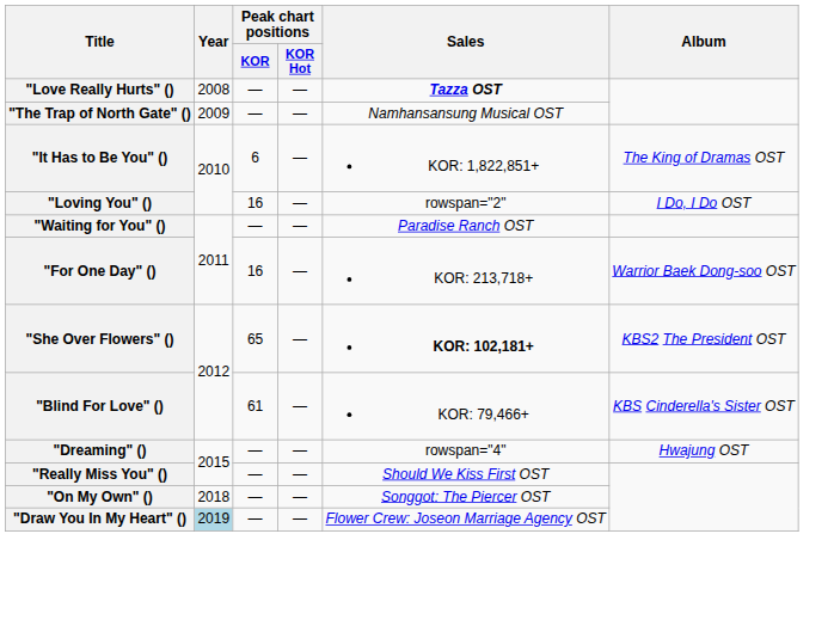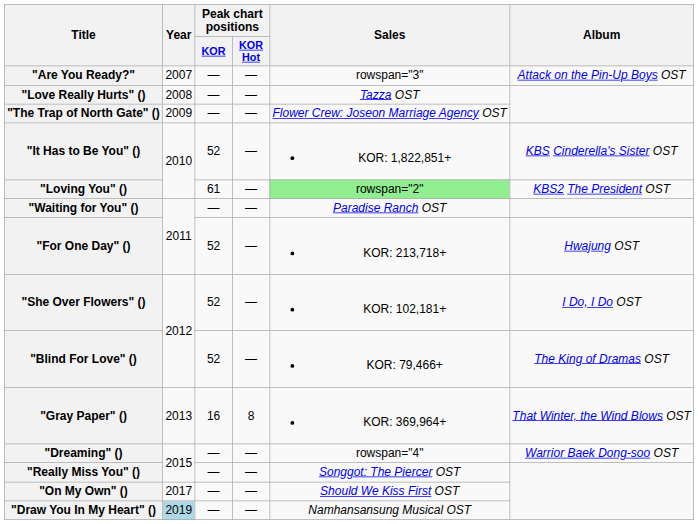 <table class="wikitable plainrowheaders" style="text-align:center;">
 <tr>
 <th rowspan=2>Title</th>
 <th rowspan=2>Year</th>
 <th colspan=2>Peak chart positions</th>
 <th rowspan=2>Sales</th>
 <th rowspan=2>Album</th>
 </tr>
 <tr>
 <th scope="col" style="width:3em;font-size:90%;"><a href='#'>KOR</a><br></th>
 <th scope="col" style="width:3em;font-size:90%;"><a href='#'>KOR<br>Hot</a><br></th>
 </tr>
 <tr>
+<th scope=row>"Are You Ready?"</th>
+<td>2007</td>
+<td>—</td>
+<td>—</td>
+<td>rowspan="3" </td>
+<td><em><a href='#'>Attack on the Pin-Up Boys</a> OST</em></td>
+</tr>
+<tr>
 <th scope=row>"Love Really Hurts" ()</th>
 <td>2008</td>
 <td>—</td>
 <td>—</td>
-<td><strong><em><a href='#'>Tazza</a> OST</em></strong></td>
+<td><em><a href='#'>Tazza</a> OST</em></td>
 </tr>
 <tr>
 <th scope=row>"The Trap of North Gate" ()</th>
 <td>2009</td>
 <td>—</td>
 <td>—</td>
-<td><em>Namhansansung Musical OST</em></td>
+<td><em><a href='#'>Flower Crew: Joseon Marriage Agency</a> OST</em></td>
 </tr>
 <tr>
 <th scope=row>"It Has to Be You" ()</th>
 <td rowspan="2">2010</td>
-<td>6</td>
+<td>52</td>
 <td>—</td>
 <td><br><ul><li>KOR: 1,822,851+</li></ul></td>
-<td><em><a href='#'>The King of Dramas</a> OST</em></td>
+<td><em><a href='#'>KBS</a> <a href='#'>Cinderella's Sister</a> OST</em></td>
 </tr>
 <tr>
 <th scope=row>"Loving You" ()<br></th>
-<td>16</td>
+<td>61</td>
 <td>—</td>
-<td>rowspan="2" </td>
-<td><em><a href='#'>I Do, I Do</a> OST</em></td>
+<td style="background: lightgreen;">rowspan="2" </td>
+<td><em><a href='#'>KBS2</a> <a href='#'>The President</a> OST</em></td>
 </tr>
 <tr>
 <th scope=row>"Waiting for You" ()</th>
 <td rowspan="2">2011</td>
 <td>—</td>
 <td>—</td>
 <td><em><a href='#'>Paradise Ranch</a> OST</em></td>
 </tr>
 <tr>
 <th scope=row>"For One Day" ()</th>
-<td>16</td>
+<td>52</td>
 <td>—</td>
 <td><br><ul><li>KOR: 213,718+</li></ul></td>
-<td><em><a href='#'>Warrior Baek Dong-soo</a> OST</em></td>
+<td><em><a href='#'>Hwajung</a> OST</em></td>
 </tr>
 <tr>
 <th scope=row>"She Over Flowers" ()</th>
 <td rowspan="2">2012</td>
-<td>65</td>
+<td>52</td>
 <td>—</td>
-<td><strong><br><ul><li>KOR: 102,181+</li></ul></strong></td>
-<td><em><a href='#'>KBS2</a> <a href='#'>The President</a> OST</em></td>
+<td><br><ul><li>KOR: 102,181+</li></ul></td>
+<td><em><a href='#'>I Do, I Do</a> OST</em></td>
 </tr>
 <tr>
 <th scope=row>"Blind For Love" ()</th>
-<td>61</td>
+<td>52</td>
 <td>—</td>
 <td><br><ul><li>KOR: 79,466+</li></ul></td>
-<td><em><a href='#'>KBS</a> <a href='#'>Cinderella's Sister</a> OST</em></td>
+<td><em><a href='#'>The King of Dramas</a> OST</em></td>
+</tr>
+<tr>
+<th scope=row>"Gray Paper" ()</th>
+<td>2013</td>
+<td>16</td>
+<td>8</td>
+<td><br><ul><li>KOR: 369,964+</li></ul></td>
+<td><em><a href='#'>That Winter, the Wind Blows</a> OST</em></td>
 </tr>
 <tr>
 <th scope=row>"Dreaming" ()</th>
 <td rowspan="2">2015</td>
 <td>—</td>
 <td>—</td>
 <td>rowspan="4" </td>
-<td><em><a href='#'>Hwajung</a> OST</em></td>
+<td><em><a href='#'>Warrior Baek Dong-soo</a> OST</em></td>
 </tr>
 <tr>
 <th scope=row>"Really Miss You" ()</th>
 <td>—</td>
 <td>—</td>
-<td><em><a href='#'>Should We Kiss First</a> OST</em></td>
+<td><em><a href='#'>Songgot: The Piercer</a> OST</em></td>
 </tr>
 <tr>
 <th scope=row>"On My Own" ()</th>
-<td>2018</td>
+<td>2017</td>
 <td>—</td>
 <td>—</td>
-<td><em><a href='#'>Songgot: The Piercer</a> OST</em></td>
+<td><em><a href='#'>Should We Kiss First</a> OST</em></td>
 </tr>
 <tr>
 <th scope=row>"Draw You In My Heart" ()</th>
 <td style="background: lightblue;">2019</td>
 <td>—</td>
 <td>—</td>
-<td><em><a href='#'>Flower Crew: Joseon Marriage Agency</a> OST</em></td>
+<td><em>Namhansansung Musical OST</em></td>
 </tr>
 </table>
